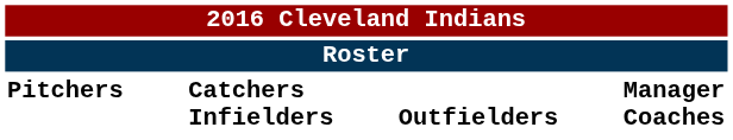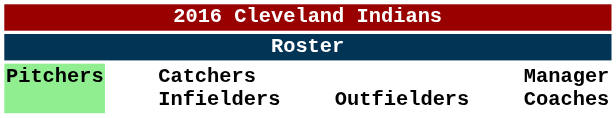 <table class="toccolours" style="font-size: 95%;">
 <tr>
 <th colspan="10" style="background-color: #990000; color: white; text-align: center;">2016 Cleveland Indians</th>
 </tr>
 <tr>
 <td colspan="10" style="background-color: #023456; color: #FFFFFF; text-align: center;"><strong>Roster</strong></td>
 </tr>
 <tr>
-<td valign="top"><strong>Pitchers</strong><br>                         </td>
+<td valign="top" style="background: lightgreen;"><strong>Pitchers</strong><br>                         </td>
 <td width="25px"></td>
 <td valign="top"><strong>Catchers</strong><br>    <strong>Infielders</strong>        </td>
 <td width="25px"></td>
 <td valign="top"><br><strong>Outfielders</strong>          </td>
 <td width="25px"></td>
 <td valign="top"><strong>Manager</strong><br> <strong>Coaches</strong>                    </td>
 </tr>
 </table>
